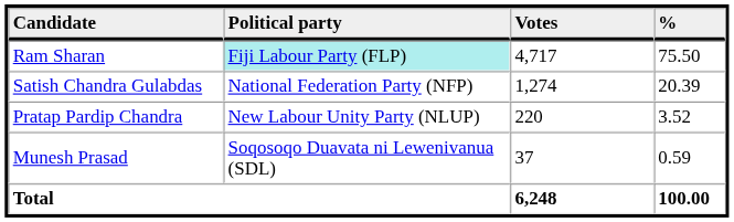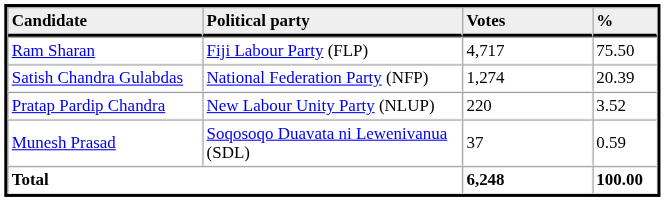 <table table width="70%" border="1" align="center" cellpadding=3 cellspacing=0 style="margin:5px; border:3px solid;">
 <tr>
 <td td width="30%" style="border-bottom:3px solid; background:#efefef;"><strong>Candidate</strong></td>
 <td td width="40%" style="border-bottom:3px solid; background:#efefef;"><strong>Political party</strong></td>
 <td td width="20%" style="border-bottom:3px solid; background:#efefef;"><strong>Votes</strong></td>
 <td td width="10%" style="border-bottom:3px solid; background:#efefef;"><strong>%</strong></td>
 </tr>
 <tr>
 <td><a href='#'>Ram Sharan</a></td>
-<td style="background: paleturquoise;"><a href='#'>Fiji Labour Party</a> (FLP)</td>
+<td><a href='#'>Fiji Labour Party</a> (FLP)</td>
 <td>4,717</td>
 <td>75.50</td>
 </tr>
 <tr>
 <td><a href='#'>Satish Chandra Gulabdas</a></td>
 <td><a href='#'>National Federation Party</a> (NFP)</td>
 <td>1,274</td>
 <td>20.39</td>
 </tr>
 <tr>
 <td><a href='#'>Pratap Pardip Chandra</a></td>
 <td><a href='#'>New Labour Unity Party</a> (NLUP)</td>
 <td>220</td>
 <td>3.52</td>
 </tr>
 <tr>
 <td><a href='#'>Munesh Prasad</a></td>
 <td><a href='#'>Soqosoqo Duavata ni Lewenivanua</a> (SDL)</td>
 <td>37</td>
 <td>0.59</td>
 </tr>
 <tr>
 <td colspan=2><strong>Total</strong></td>
 <td><strong>6,248</strong></td>
 <td><strong>100.00</strong></td>
 </tr>
 <tr>
 </tr>
 </table>
